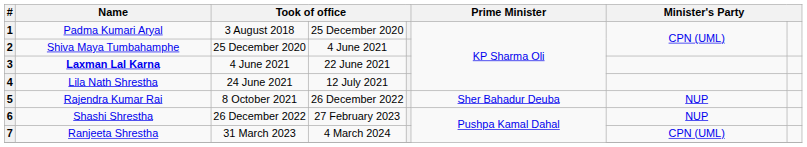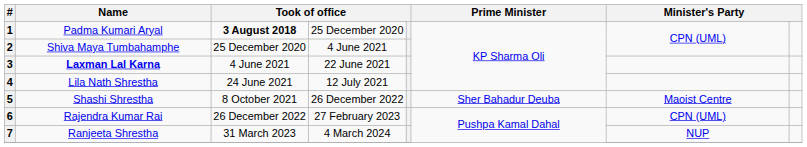 <table class="wikitable"  style="text-align:center">
 <tr>
 <th>#</th>
 <th width=280px>Name</th>
 <th width=280px colspan=3>Took of office</th>
 <th width=280px>Prime Minister</th>
 <th width=280px colspan=2>Minister's Party</th>
 </tr>
 <tr>
 <th>1</th>
 <td><a href='#'>Padma Kumari Aryal</a><br></td>
-<td>3 August 2018</td>
+<td><strong>3 August 2018</strong></td>
 <td>25 December 2020</td>
 <th></th>
 <td rowspan="4"><a href='#'>KP Sharma Oli</a></td>
 <td rowspan="2"><a href='#'>CPN (UML)</a></td>
 <td rowspan="2"></td>
 </tr>
 <tr>
 <th>2</th>
 <td><a href='#'>Shiva Maya Tumbahamphe</a><br></td>
 <td>25 December 2020</td>
 <td>4 June 2021</td>
 <th></th>
 </tr>
 <tr>
 <th>3</th>
 <td><strong><a href='#'>Laxman Lal Karna</a><br></strong></td>
 <td>4 June 2021</td>
 <td>22 June 2021</td>
 <th></th>
 <td></td>
 <td></td>
 </tr>
 <tr>
 <th>4</th>
 <td><a href='#'>Lila Nath Shrestha</a><br></td>
 <td>24 June 2021</td>
 <td>12 July 2021</td>
 <th></th>
 <td></td>
 <td></td>
 </tr>
 <tr>
 <th>5</th>
-<td><a href='#'>Rajendra Kumar Rai</a><br></td>
+<td><a href='#'>Shashi Shrestha</a><br></td>
 <td>8 October 2021</td>
 <td>26 December 2022</td>
 <th></th>
 <td><a href='#'>Sher Bahadur Deuba</a></td>
-<td><a href='#'>NUP</a></td>
+<td><a href='#'> Maoist Centre</a></td>
 <td></td>
 </tr>
 <tr>
 <th>6</th>
-<td><a href='#'>Shashi Shrestha</a><br></td>
+<td><a href='#'>Rajendra Kumar Rai</a><br></td>
 <td>26 December 2022</td>
 <td>27 February 2023</td>
 <th></th>
 <td rowspan="3"><a href='#'>Pushpa Kamal Dahal</a></td>
-<td><a href='#'>NUP</a></td>
+<td><a href='#'>CPN (UML)</a></td>
 <td></td>
 </tr>
 <tr>
 <th>7</th>
 <td><a href='#'>Ranjeeta Shrestha</a><br></td>
 <td>31 March 2023</td>
 <td>4 March 2024</td>
 <th></th>
-<td><a href='#'>CPN (UML)</a></td>
+<td><a href='#'>NUP</a></td>
 <td></td>
 </tr>
 <tr>
 </tr>
 </table>
